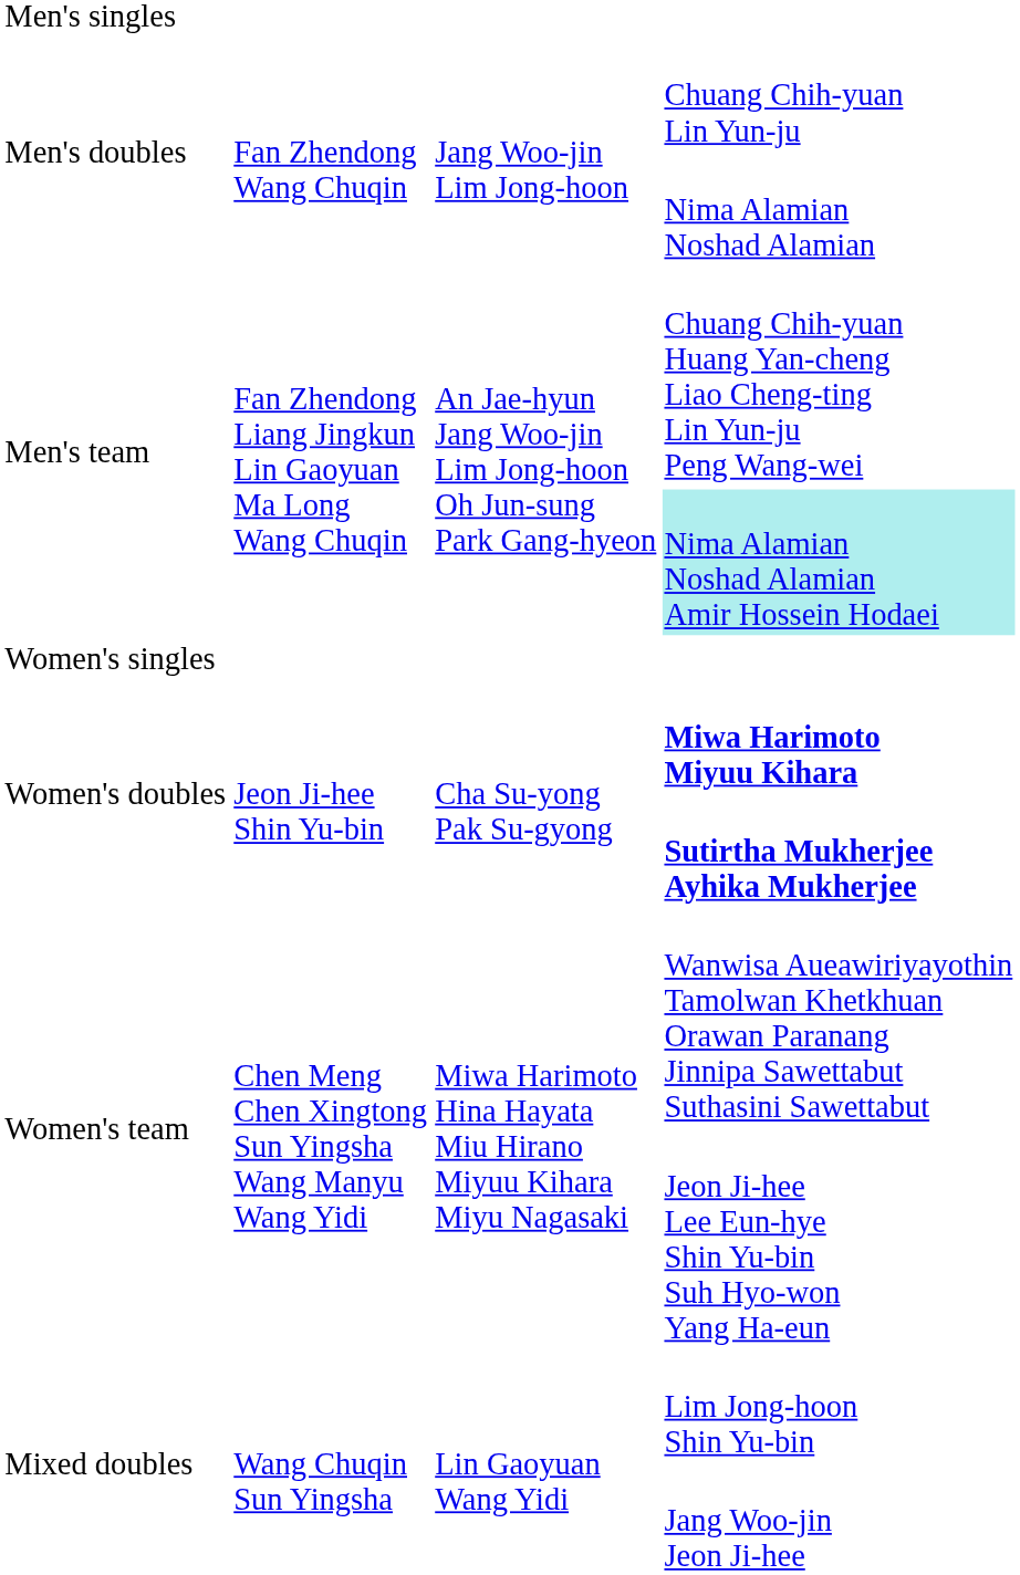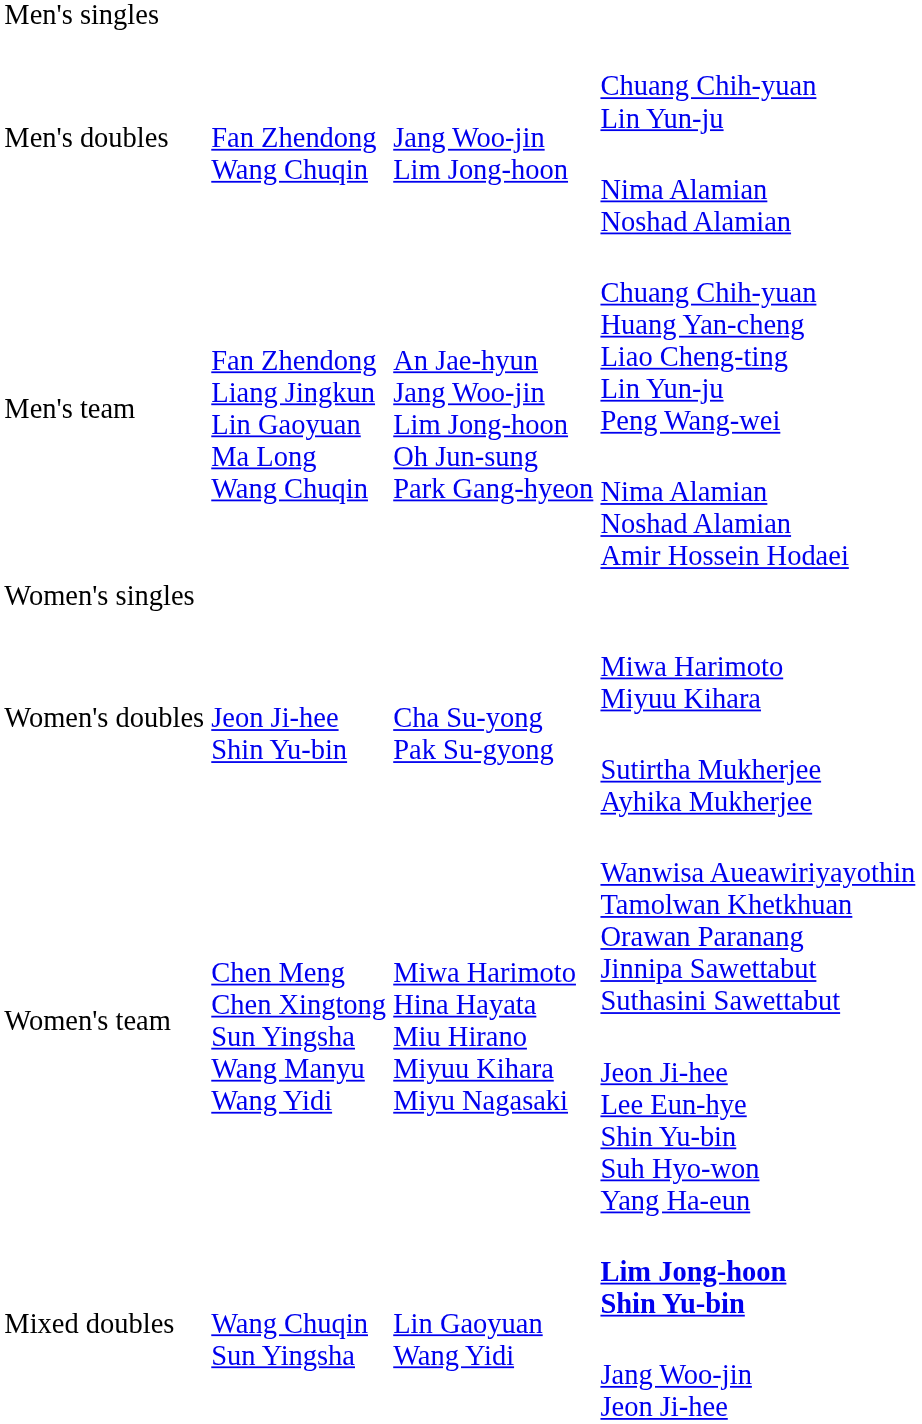 <table>
 <tr>
 <td rowspan=2>Men's singles<br></td>
 <td rowspan=2></td>
 <td rowspan=2></td>
 <td></td>
 </tr>
 <tr>
 <td></td>
 </tr>
 <tr>
 <td rowspan=2>Men's doubles<br></td>
 <td rowspan=2><br><a href='#'>Fan Zhendong</a><br><a href='#'>Wang Chuqin</a></td>
 <td rowspan=2><br><a href='#'>Jang Woo-jin</a><br><a href='#'>Lim Jong-hoon</a></td>
 <td><br><a href='#'>Chuang Chih-yuan</a><br><a href='#'>Lin Yun-ju</a></td>
 </tr>
 <tr>
 <td><br><a href='#'>Nima Alamian</a><br><a href='#'>Noshad Alamian</a></td>
 </tr>
 <tr>
 <td rowspan=2>Men's team<br></td>
 <td rowspan=2><br><a href='#'>Fan Zhendong</a><br><a href='#'>Liang Jingkun</a><br><a href='#'>Lin Gaoyuan</a><br><a href='#'>Ma Long</a><br><a href='#'>Wang Chuqin</a></td>
 <td rowspan=2><br><a href='#'>An Jae-hyun</a><br><a href='#'>Jang Woo-jin</a><br><a href='#'>Lim Jong-hoon</a><br><a href='#'>Oh Jun-sung</a><br><a href='#'>Park Gang-hyeon</a></td>
 <td><br><a href='#'>Chuang Chih-yuan</a><br><a href='#'>Huang Yan-cheng</a><br><a href='#'>Liao Cheng-ting</a><br><a href='#'>Lin Yun-ju</a><br><a href='#'>Peng Wang-wei</a></td>
 </tr>
 <tr>
-<td style="background: paleturquoise;"><br><a href='#'>Nima Alamian</a><br><a href='#'>Noshad Alamian</a><br><a href='#'>Amir Hossein Hodaei</a></td>
+<td><br><a href='#'>Nima Alamian</a><br><a href='#'>Noshad Alamian</a><br><a href='#'>Amir Hossein Hodaei</a></td>
 </tr>
 <tr>
 <td rowspan=2>Women's singles<br></td>
 <td rowspan=2></td>
 <td rowspan=2></td>
 <td></td>
 </tr>
 <tr>
 <td></td>
 </tr>
 <tr>
 <td rowspan=2>Women's doubles<br></td>
 <td rowspan=2><br><a href='#'>Jeon Ji-hee</a><br><a href='#'>Shin Yu-bin</a></td>
 <td rowspan=2><br><a href='#'>Cha Su-yong</a><br><a href='#'>Pak Su-gyong</a></td>
-<td><strong><br><a href='#'>Miwa Harimoto</a><br><a href='#'>Miyuu Kihara</a></strong></td>
+<td><br><a href='#'>Miwa Harimoto</a><br><a href='#'>Miyuu Kihara</a></td>
 </tr>
 <tr>
-<td><strong><br><a href='#'>Sutirtha Mukherjee</a><br><a href='#'>Ayhika Mukherjee</a></strong></td>
+<td><br><a href='#'>Sutirtha Mukherjee</a><br><a href='#'>Ayhika Mukherjee</a></td>
 </tr>
 <tr>
 <td rowspan=2>Women's team<br></td>
 <td rowspan=2><br><a href='#'>Chen Meng</a><br><a href='#'>Chen Xingtong</a><br><a href='#'>Sun Yingsha</a><br><a href='#'>Wang Manyu</a><br><a href='#'>Wang Yidi</a></td>
 <td rowspan=2><br><a href='#'>Miwa Harimoto</a><br><a href='#'>Hina Hayata</a><br><a href='#'>Miu Hirano</a><br><a href='#'>Miyuu Kihara</a><br><a href='#'>Miyu Nagasaki</a></td>
 <td><br><a href='#'>Wanwisa Aueawiriyayothin</a><br><a href='#'>Tamolwan Khetkhuan</a><br><a href='#'>Orawan Paranang</a><br><a href='#'>Jinnipa Sawettabut</a><br><a href='#'>Suthasini Sawettabut</a></td>
 </tr>
 <tr>
 <td><br><a href='#'>Jeon Ji-hee</a><br><a href='#'>Lee Eun-hye</a> <br><a href='#'>Shin Yu-bin</a><br><a href='#'>Suh Hyo-won</a><br><a href='#'>Yang Ha-eun</a></td>
 </tr>
 <tr>
 <td rowspan=2>Mixed doubles<br></td>
 <td rowspan=2><br><a href='#'>Wang Chuqin</a><br><a href='#'>Sun Yingsha</a></td>
 <td rowspan=2><br><a href='#'>Lin Gaoyuan</a><br><a href='#'>Wang Yidi</a></td>
-<td><br><a href='#'>Lim Jong-hoon</a><br><a href='#'>Shin Yu-bin</a></td>
+<td><strong><br><a href='#'>Lim Jong-hoon</a><br><a href='#'>Shin Yu-bin</a></strong></td>
 </tr>
 <tr>
 <td><br><a href='#'>Jang Woo-jin</a><br><a href='#'>Jeon Ji-hee</a></td>
 </tr>
 </table>
